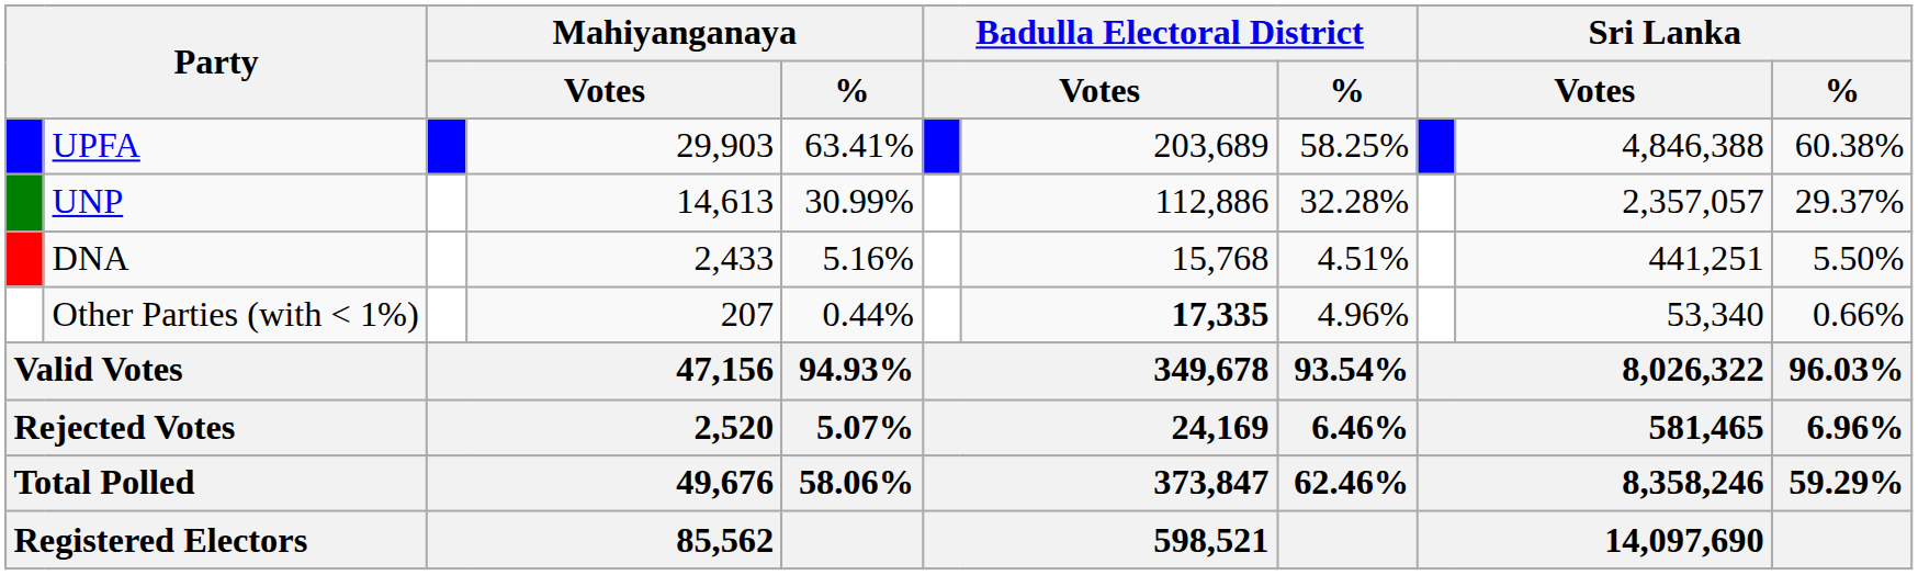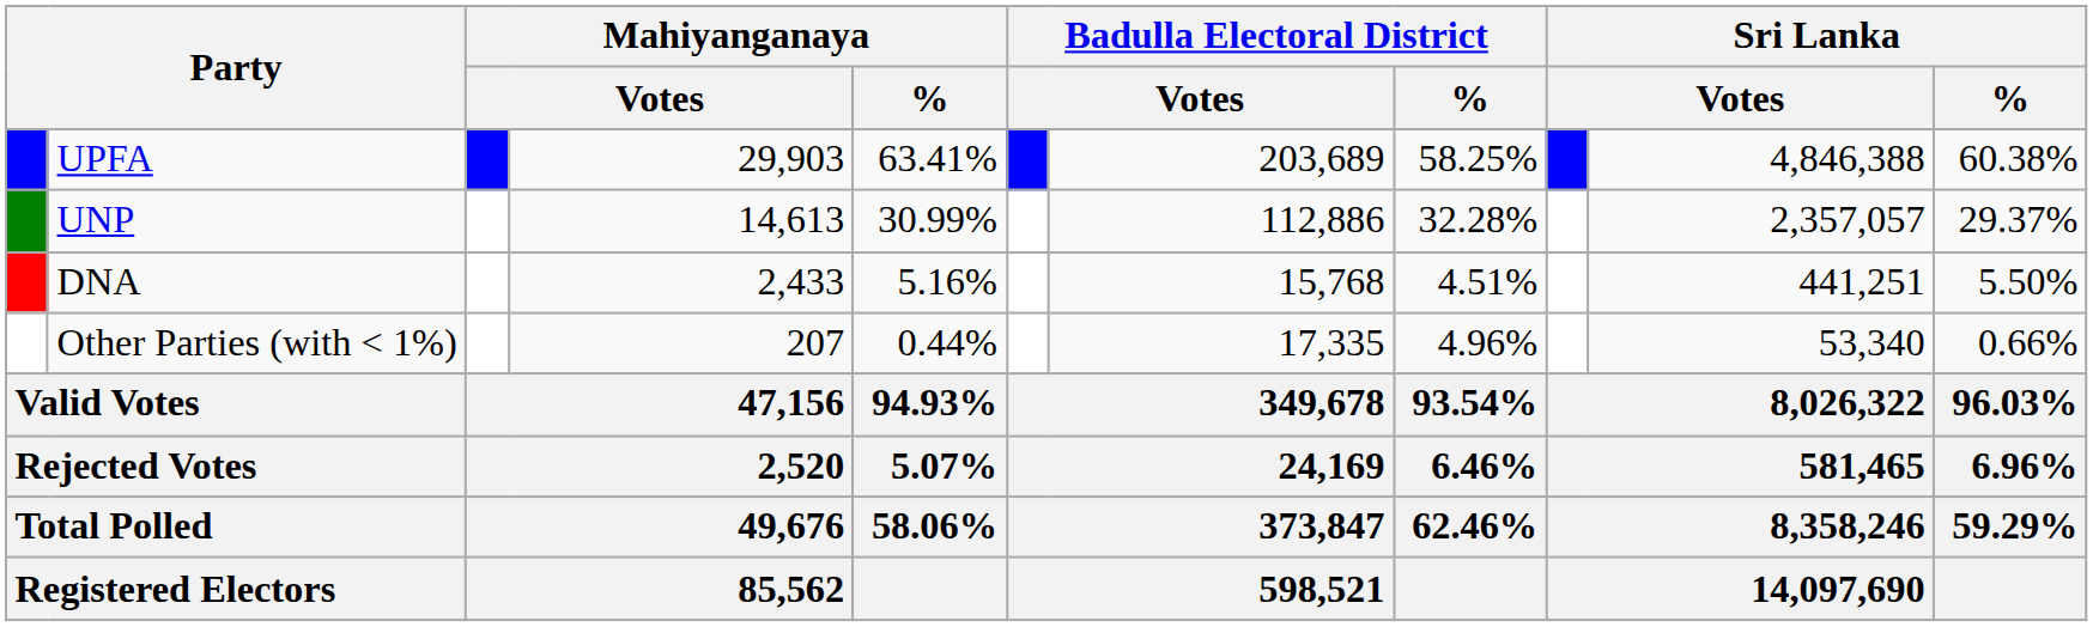 <table class="wikitable">
 <tr>
 <th colspan="2" width="144px"rowspan="2">Party</th>
 <th colspan="3" width="216px">Mahiyanganaya</th>
 <th colspan="3" width="216px"><a href='#'>Badulla Electoral District</a></th>
 <th colspan="3" width="216px">Sri Lanka</th>
 </tr>
 <tr>
 <th colspan="2" width="144px">Votes</th>
 <th>%</th>
 <th colspan="2" width="144px">Votes</th>
 <th>%</th>
 <th colspan="2" width="144px">Votes</th>
 <th>%</th>
 </tr>
 <tr>
 <td style="background-color:blue;" width="10px"></td>
 <td style="text-align:left;"><a href='#'>UPFA</a></td>
 <td style="background-color:blue;" width="10px"></td>
 <td style="text-align:right;">29,903</td>
 <td style="text-align:right;">63.41%</td>
 <td style="background-color:blue;" width="10px"></td>
 <td style="text-align:right;">203,689</td>
 <td style="text-align:right;">58.25%</td>
 <td style="background-color:blue;" width="10px"></td>
 <td style="text-align:right;">4,846,388</td>
 <td style="text-align:right;">60.38%</td>
 </tr>
 <tr>
 <td style="background-color:green;" width="10px"></td>
 <td style="text-align:left;"><a href='#'>UNP</a></td>
 <td style="background-color:white;" width="10px"></td>
 <td style="text-align:right;">14,613</td>
 <td style="text-align:right;">30.99%</td>
 <td style="background-color:white;" width="10px"></td>
 <td style="text-align:right;">112,886</td>
 <td style="text-align:right;">32.28%</td>
 <td style="background-color:white;" width="10px"></td>
 <td style="text-align:right;">2,357,057</td>
 <td style="text-align:right;">29.37%</td>
 </tr>
 <tr>
 <td style="background-color:red;" width="10px"></td>
 <td style="text-align:left;">DNA</td>
 <td style="background-color:white;" width="10px"></td>
 <td style="text-align:right;">2,433</td>
 <td style="text-align:right;">5.16%</td>
 <td style="background-color:white;" width="10px"></td>
 <td style="text-align:right;">15,768</td>
 <td style="text-align:right;">4.51%</td>
 <td style="background-color:white;" width="10px"></td>
 <td style="text-align:right;">441,251</td>
 <td style="text-align:right;">5.50%</td>
 </tr>
 <tr>
 <td style="background-color:white;" width="10px"></td>
 <td style="text-align:left;">Other Parties (with < 1%)</td>
 <td style="background-color:white;" width="10px"></td>
 <td style="text-align:right;">207</td>
 <td style="text-align:right;">0.44%</td>
 <td style="background-color:white;" width="10px"></td>
-<td style="text-align:right;"><strong>17,335</strong></td>
+<td style="text-align:right;">17,335</td>
 <td style="text-align:right;">4.96%</td>
 <td style="background-color:white;" width="10px"></td>
 <td style="text-align:right;">53,340</td>
 <td style="text-align:right;">0.66%</td>
 </tr>
 <tr>
 <th colspan="2" width="144px"style="text-align:left;">Valid Votes</th>
 <th style="text-align:right;"colspan="2" width="144px">47,156</th>
 <th style="text-align:right;">94.93%</th>
 <th style="text-align:right;"colspan="2" width="144px">349,678</th>
 <th style="text-align:right;">93.54%</th>
 <th style="text-align:right;"colspan="2" width="144px">8,026,322</th>
 <th style="text-align:right;">96.03%</th>
 </tr>
 <tr>
 <th colspan="2" width="144px"style="text-align:left;">Rejected Votes</th>
 <th style="text-align:right;"colspan="2" width="144px">2,520</th>
 <th style="text-align:right;">5.07%</th>
 <th style="text-align:right;"colspan="2" width="144px">24,169</th>
 <th style="text-align:right;">6.46%</th>
 <th style="text-align:right;"colspan="2" width="144px">581,465</th>
 <th style="text-align:right;">6.96%</th>
 </tr>
 <tr>
 <th colspan="2" width="144px"style="text-align:left;">Total Polled</th>
 <th style="text-align:right;"colspan="2" width="144px">49,676</th>
 <th style="text-align:right;">58.06%</th>
 <th style="text-align:right;"colspan="2" width="144px">373,847</th>
 <th style="text-align:right;">62.46%</th>
 <th style="text-align:right;"colspan="2" width="144px">8,358,246</th>
 <th style="text-align:right;">59.29%</th>
 </tr>
 <tr>
 <th colspan="2" width="144px"style="text-align:left;">Registered Electors</th>
 <th style="text-align:right;"colspan="2" width="144px">85,562</th>
 <th></th>
 <th style="text-align:right;"colspan="2" width="144px">598,521</th>
 <th></th>
 <th style="text-align:right;"colspan="2" width="144px">14,097,690</th>
 <th></th>
 </tr>
 </table>
